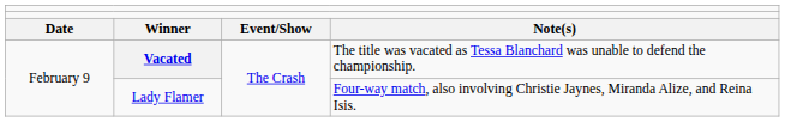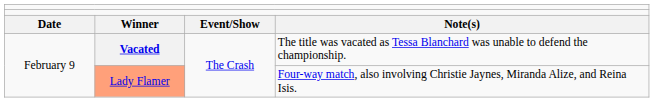 <table class="wikitable" style="text-align:center; width:100%;">
 <tr>
 <td colspan="4"></td>
 </tr>
 <tr>
 <td colspan="4"><strong></strong></td>
 </tr>
 <tr>
 <th width=14%>Date</th>
 <th width=14%>Winner</th>
 <th width=14%>Event/Show</th>
 <th width=58%>Note(s)</th>
 </tr>
 <tr>
 <td rowspan=2>February 9</td>
 <th><a href='#'>Vacated</a></th>
 <td rowspan=2><a href='#'>The Crash</a></td>
 <td align=left>The title was vacated as <a href='#'>Tessa Blanchard</a> was unable to defend the championship.</td>
 </tr>
 <tr>
-<td><a href='#'>Lady Flamer</a></td>
+<td style="background: lightsalmon;"><a href='#'>Lady Flamer</a></td>
 <td align=left><a href='#'>Four-way match</a>, also involving Christie Jaynes, Miranda Alize, and Reina Isis.</td>
 </tr>
 </table>
